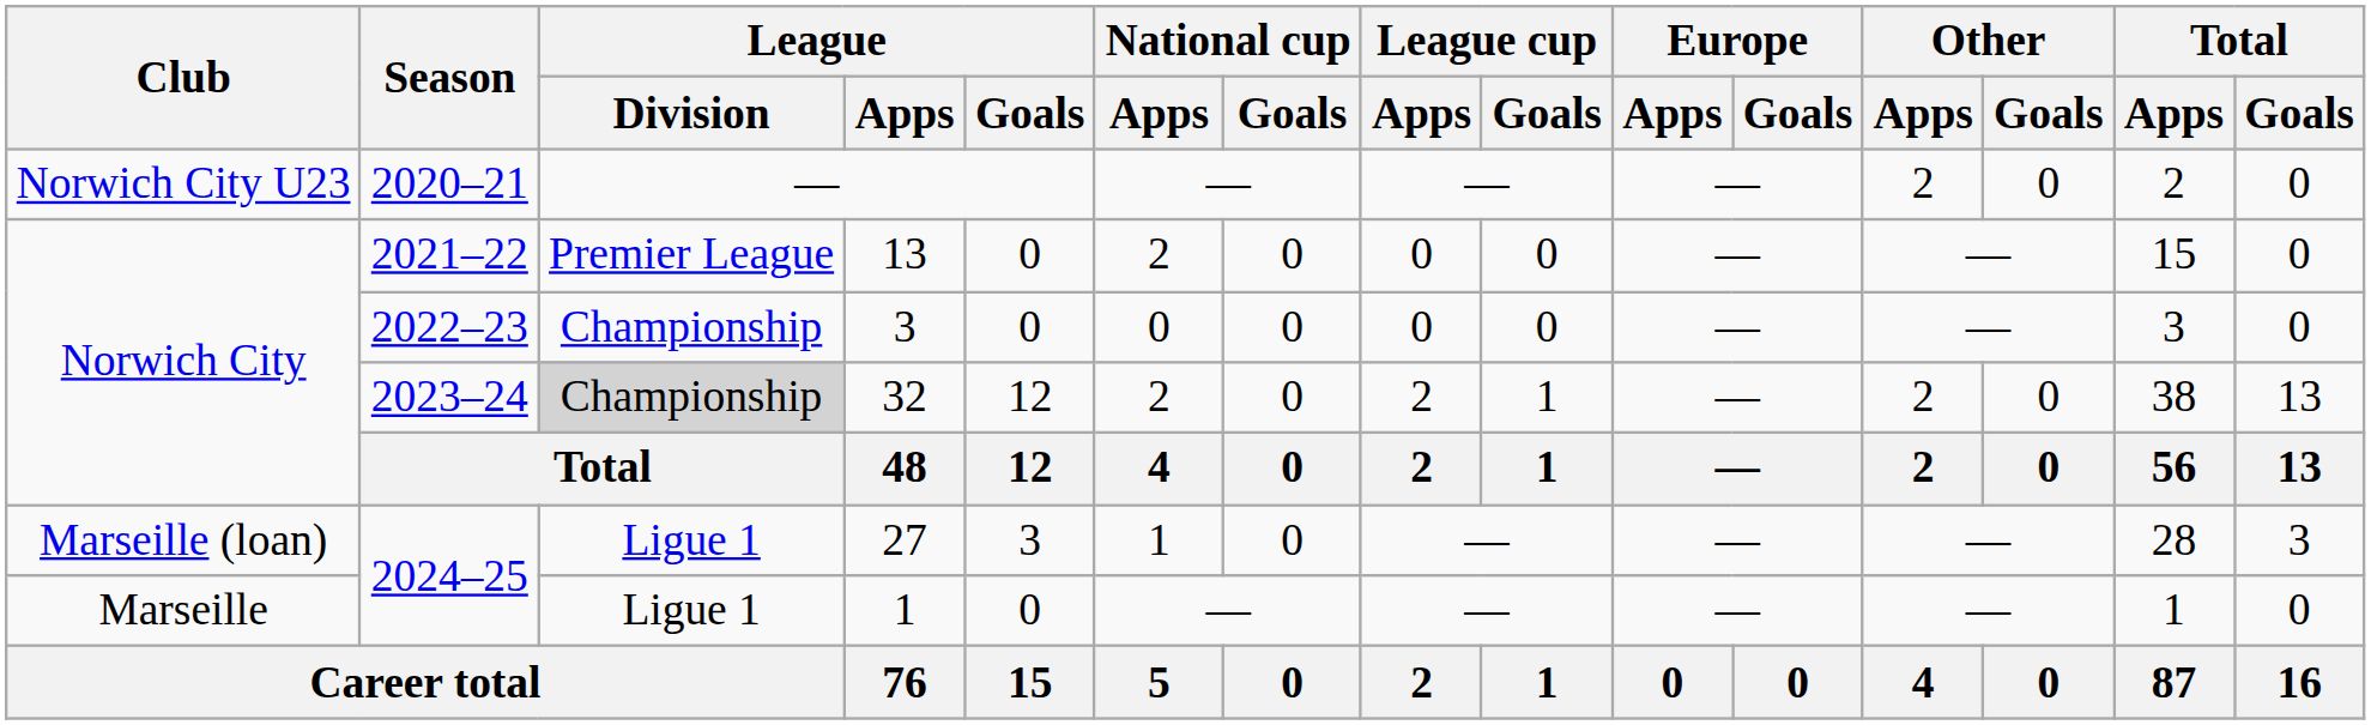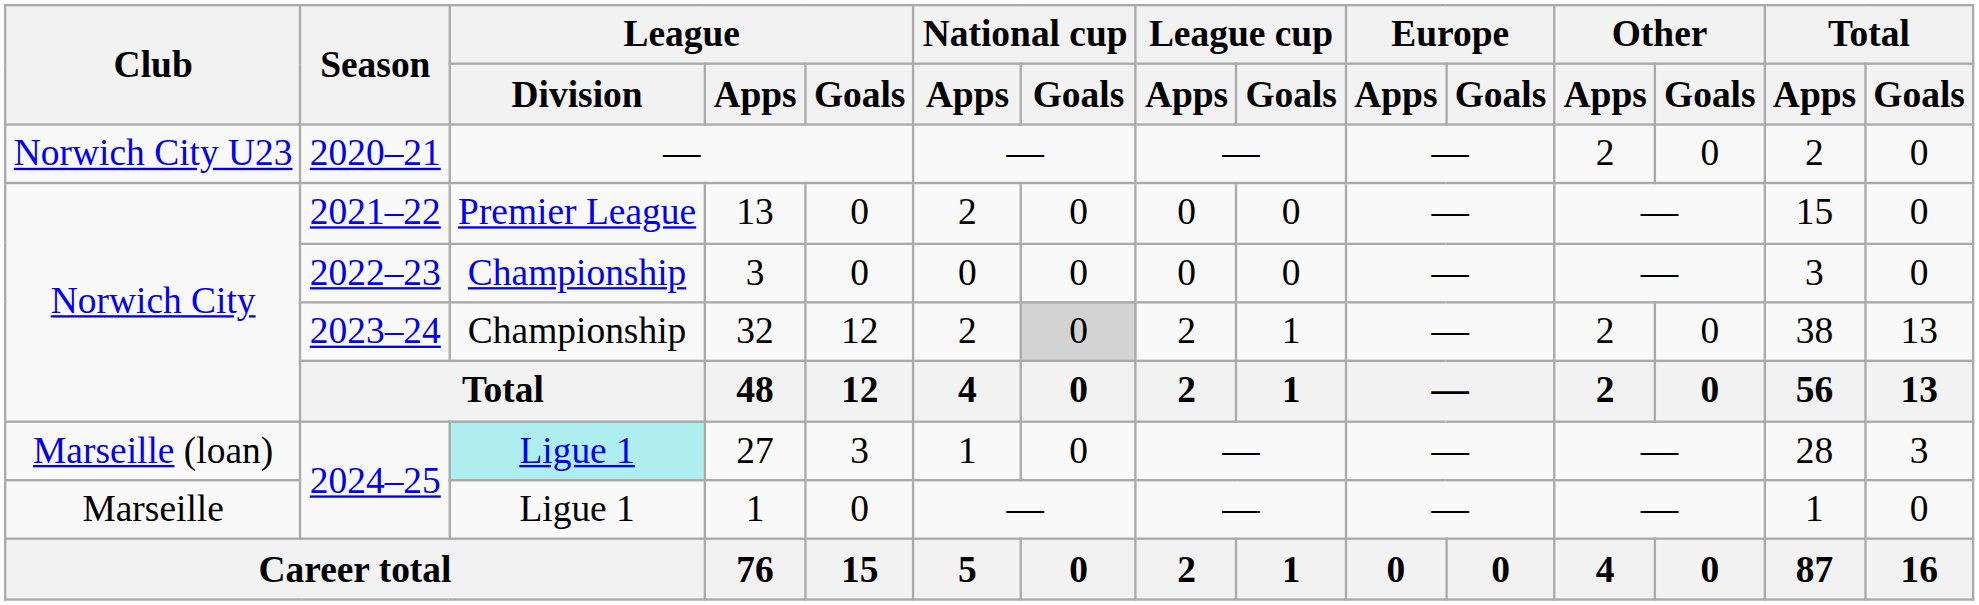 <table class="wikitable" style="text-align:center">
 <tr>
 <th rowspan="2">Club</th>
 <th rowspan="2">Season</th>
 <th colspan="3">League</th>
 <th colspan="2">National cup</th>
 <th colspan="2">League cup</th>
 <th colspan="2">Europe</th>
 <th colspan="2">Other</th>
 <th colspan="2">Total</th>
 </tr>
 <tr>
 <th>Division</th>
 <th>Apps</th>
 <th>Goals</th>
 <th>Apps</th>
 <th>Goals</th>
 <th>Apps</th>
 <th>Goals</th>
 <th>Apps</th>
 <th>Goals</th>
 <th>Apps</th>
 <th>Goals</th>
 <th>Apps</th>
 <th>Goals</th>
 </tr>
 <tr>
 <td><a href='#'>Norwich City U23</a></td>
 <td><a href='#'>2020–21</a></td>
 <td colspan="3">—</td>
 <td colspan="2">—</td>
 <td colspan="2">—</td>
 <td colspan="2">—</td>
 <td>2</td>
 <td>0</td>
 <td>2</td>
 <td>0</td>
 </tr>
 <tr>
 <td rowspan=4><a href='#'>Norwich City</a></td>
 <td><a href='#'>2021–22</a></td>
 <td><a href='#'>Premier League</a></td>
 <td>13</td>
 <td>0</td>
 <td>2</td>
 <td>0</td>
 <td>0</td>
 <td>0</td>
 <td colspan="2">—</td>
 <td colspan="2">—</td>
 <td>15</td>
 <td>0</td>
 </tr>
 <tr>
 <td><a href='#'>2022–23</a></td>
 <td><a href='#'>Championship</a></td>
 <td>3</td>
 <td>0</td>
 <td>0</td>
 <td>0</td>
 <td>0</td>
 <td>0</td>
 <td colspan="2">—</td>
 <td colspan="2">—</td>
 <td>3</td>
 <td>0</td>
 </tr>
 <tr>
 <td><a href='#'>2023–24</a></td>
-<td style="background: lightgrey;">Championship</td>
+<td>Championship</td>
 <td>32</td>
 <td>12</td>
 <td>2</td>
-<td>0</td>
+<td style="background: lightgrey;">0</td>
 <td>2</td>
 <td>1</td>
 <td colspan="2">—</td>
 <td>2</td>
 <td>0</td>
 <td>38</td>
 <td>13</td>
 </tr>
 <tr>
 <th colspan="2">Total</th>
 <th>48</th>
 <th>12</th>
 <th>4</th>
 <th>0</th>
 <th>2</th>
 <th>1</th>
 <th colspan="2">—</th>
 <th>2</th>
 <th>0</th>
 <th>56</th>
 <th>13</th>
 </tr>
 <tr>
 <td><a href='#'>Marseille</a> (loan)</td>
 <td rowspan="2"><a href='#'>2024–25</a></td>
-<td><a href='#'>Ligue 1</a></td>
+<td style="background: paleturquoise;"><a href='#'>Ligue 1</a></td>
 <td>27</td>
 <td>3</td>
 <td>1</td>
 <td>0</td>
 <td colspan="2">—</td>
 <td colspan="2">—</td>
 <td colspan="2">—</td>
 <td>28</td>
 <td>3</td>
 </tr>
 <tr>
 <td>Marseille</td>
 <td>Ligue 1</td>
 <td>1</td>
 <td>0</td>
 <td colspan="2">—</td>
 <td colspan="2">—</td>
 <td colspan="2">—</td>
 <td colspan="2">—</td>
 <td>1</td>
 <td>0</td>
 </tr>
 <tr>
 <th colspan="3">Career total</th>
 <th>76</th>
 <th>15</th>
 <th>5</th>
 <th>0</th>
 <th>2</th>
 <th>1</th>
 <th>0</th>
 <th>0</th>
 <th>4</th>
 <th>0</th>
 <th>87</th>
 <th>16</th>
 </tr>
 </table>
